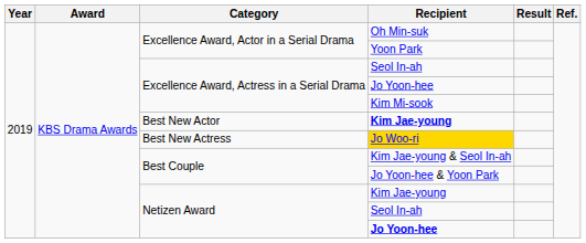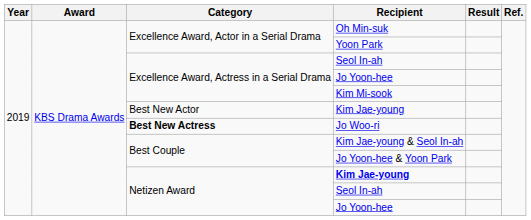 <table class="wikitable">
 <tr>
 <th>Year</th>
 <th>Award</th>
 <th>Category</th>
 <th>Recipient</th>
 <th>Result</th>
 <th>Ref.</th>
 </tr>
 <tr>
 <td rowspan="12">2019</td>
 <td rowspan="12"><a href='#'>KBS Drama Awards</a></td>
 <td rowspan="2">Excellence Award, Actor in a Serial Drama</td>
 <td><a href='#'>Oh Min-suk</a></td>
 <td></td>
 <td rowspan="12"></td>
 </tr>
 <tr>
 <td><a href='#'>Yoon Park</a></td>
 <td></td>
 </tr>
 <tr>
 <td rowspan="3">Excellence Award, Actress in a Serial Drama</td>
 <td><a href='#'>Seol In-ah</a></td>
 <td></td>
 </tr>
 <tr>
 <td><a href='#'>Jo Yoon-hee</a></td>
 <td></td>
 </tr>
 <tr>
 <td><a href='#'>Kim Mi-sook</a></td>
 <td></td>
 </tr>
 <tr>
 <td>Best New Actor</td>
-<td><strong><a href='#'>Kim Jae-young</a></strong></td>
+<td><a href='#'>Kim Jae-young</a></td>
 <td></td>
 </tr>
 <tr>
-<td>Best New Actress</td>
-<td style="background: gold;"><a href='#'>Jo Woo-ri</a></td>
+<td><strong>Best New Actress</strong></td>
+<td><a href='#'>Jo Woo-ri</a></td>
 <td></td>
 </tr>
 <tr>
 <td rowspan="2">Best Couple</td>
 <td><a href='#'>Kim Jae-young</a> & <a href='#'>Seol In-ah</a></td>
 <td></td>
 </tr>
 <tr>
 <td><a href='#'>Jo Yoon-hee</a> & <a href='#'>Yoon Park</a></td>
 <td></td>
 </tr>
 <tr>
 <td rowspan="3">Netizen Award</td>
-<td><a href='#'>Kim Jae-young</a></td>
+<td><strong><a href='#'>Kim Jae-young</a></strong></td>
 <td></td>
 </tr>
 <tr>
 <td><a href='#'>Seol In-ah</a></td>
 <td></td>
 </tr>
 <tr>
-<td><strong><a href='#'>Jo Yoon-hee</a></strong></td>
+<td><a href='#'>Jo Yoon-hee</a></td>
 <td></td>
 </tr>
 </table>
